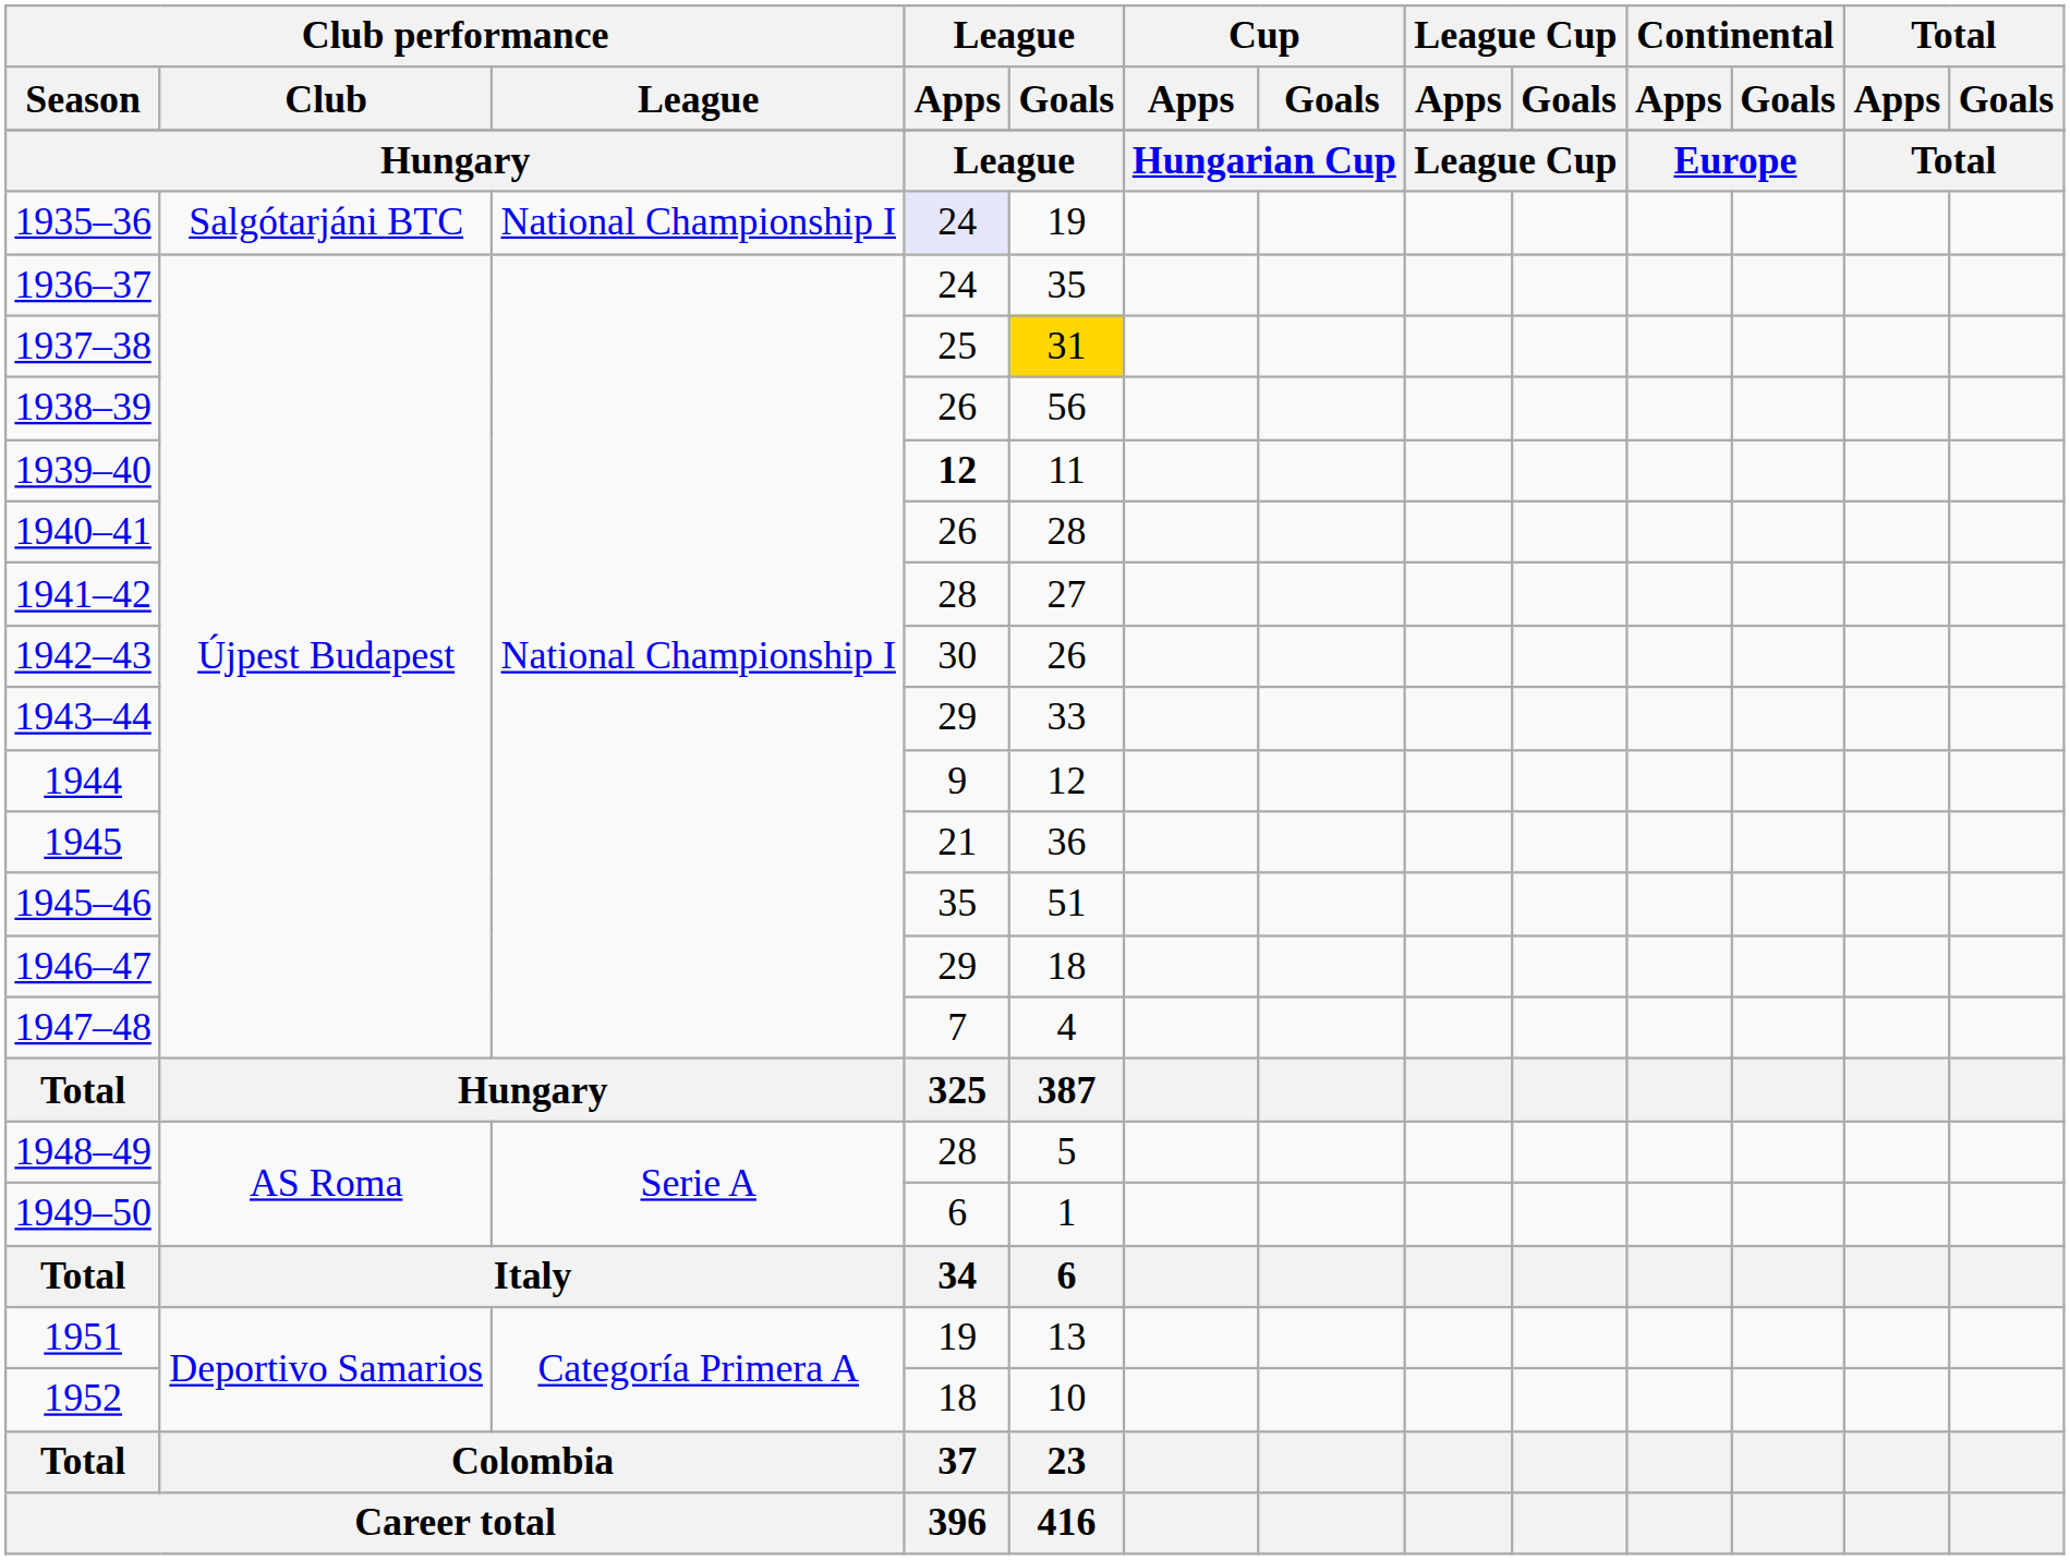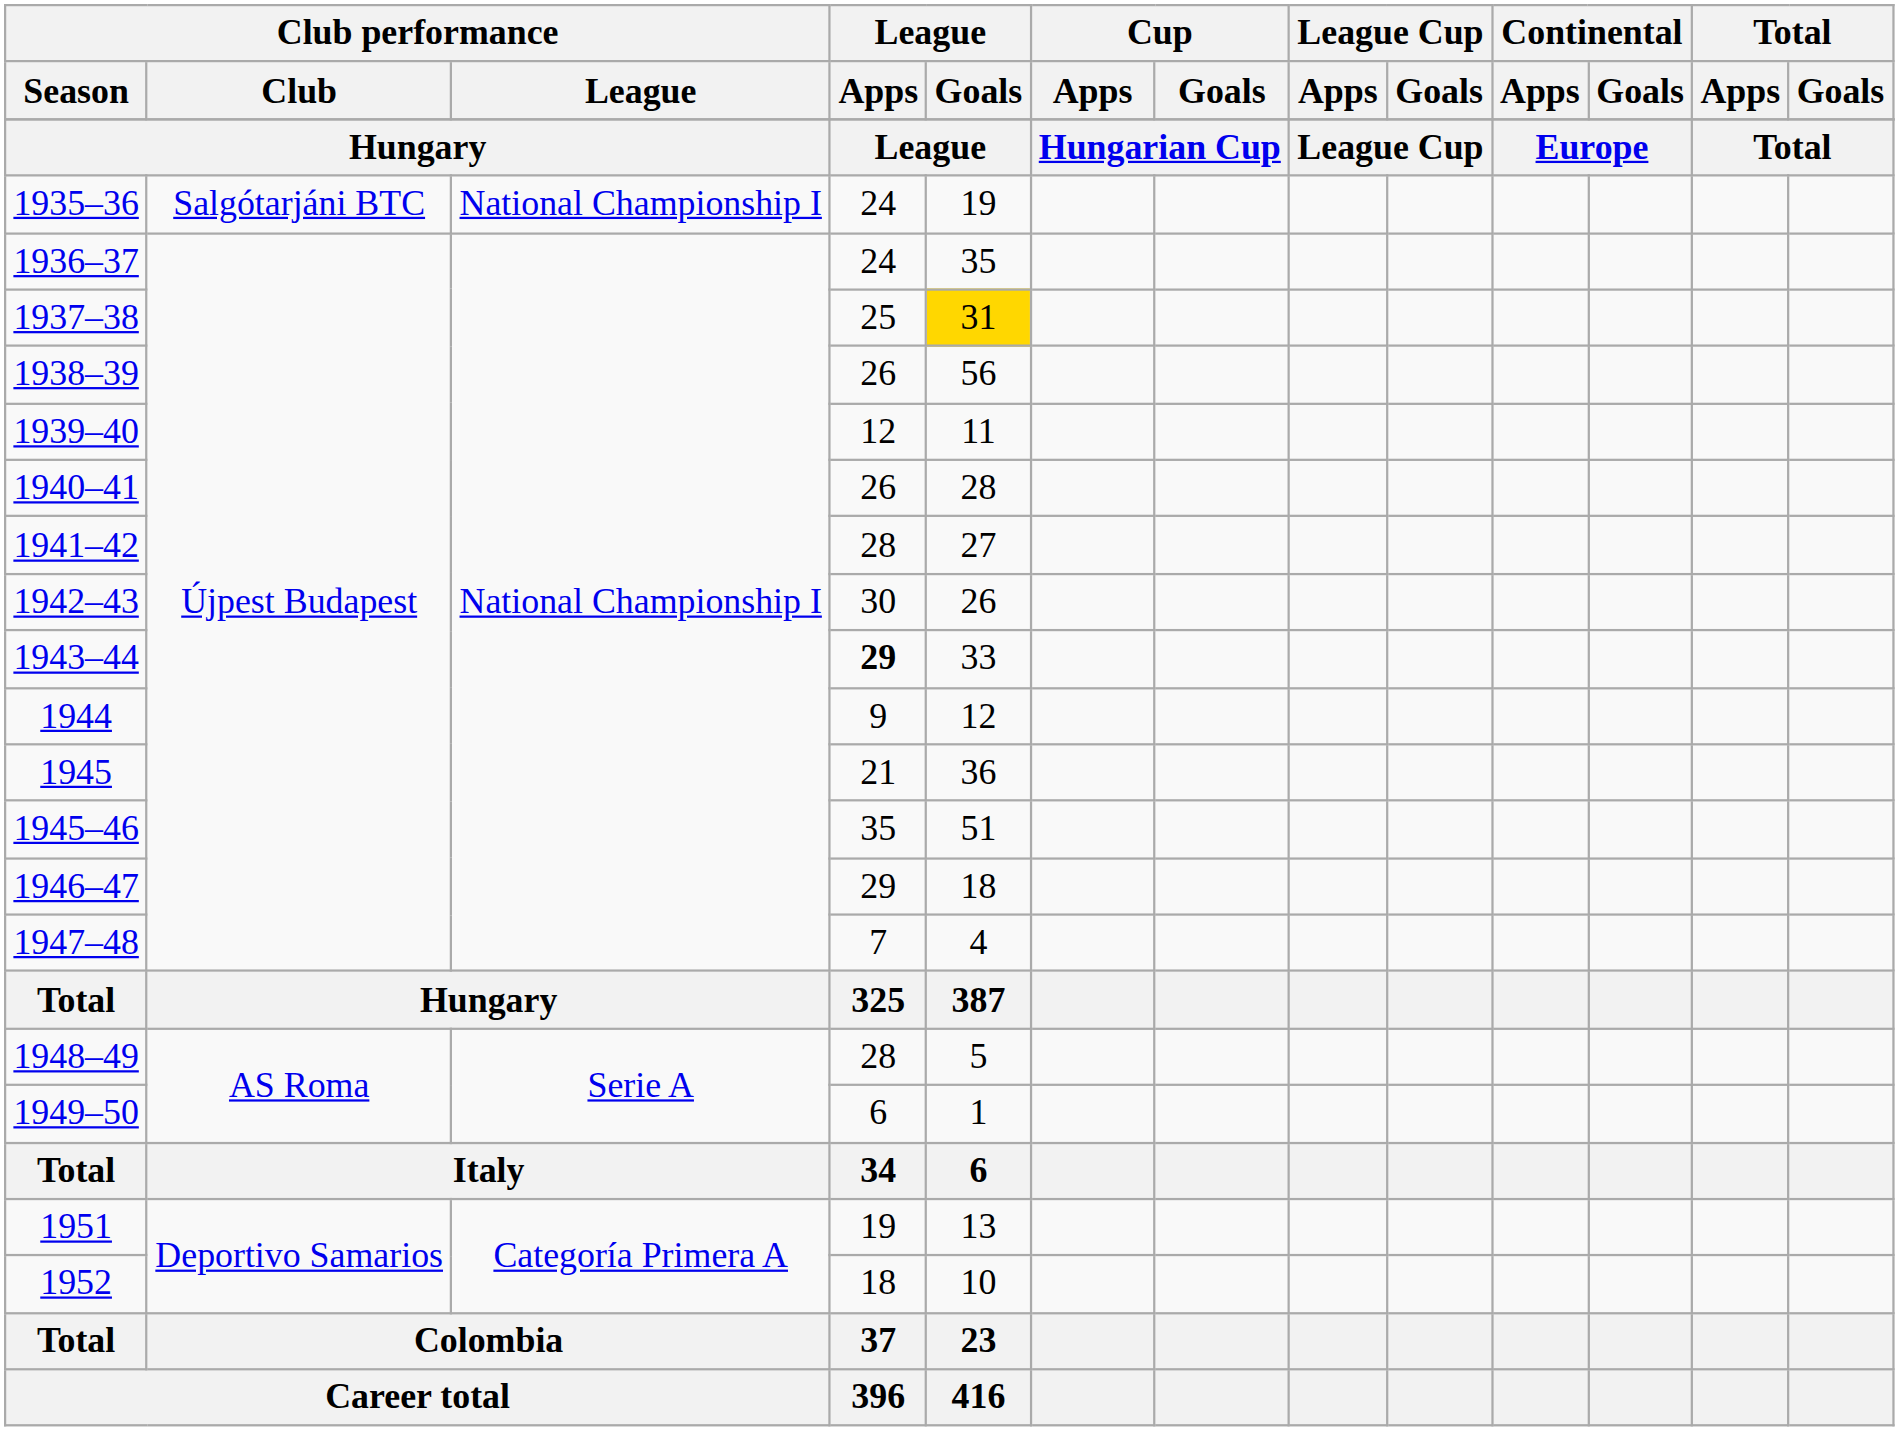 <table class="wikitable" style="text-align:center">
 <tr>
 <th colspan=3>Club performance</th>
 <th colspan=2>League</th>
 <th colspan=2>Cup</th>
 <th colspan=2>League Cup</th>
 <th colspan=2>Continental</th>
 <th colspan=2>Total</th>
 </tr>
 <tr>
 <th>Season</th>
 <th>Club</th>
 <th>League</th>
 <th>Apps</th>
 <th>Goals</th>
 <th>Apps</th>
 <th>Goals</th>
 <th>Apps</th>
 <th>Goals</th>
 <th>Apps</th>
 <th>Goals</th>
 <th>Apps</th>
 <th>Goals</th>
 </tr>
 <tr>
 </tr>
 <tr>
 <th colspan=3>Hungary</th>
 <th colspan=2>League</th>
 <th colspan=2><a href='#'>Hungarian Cup</a></th>
 <th colspan=2>League Cup</th>
 <th colspan=2><a href='#'>Europe</a></th>
 <th colspan=2>Total</th>
 </tr>
 <tr>
 <td><a href='#'>1935–36</a></td>
 <td rowspan="1"><a href='#'>Salgótarjáni BTC</a></td>
 <td rowspan="1"><a href='#'>National Championship I</a></td>
-<td style="background: lavender;">24</td>
+<td>24</td>
 <td>19</td>
 <td></td>
 <td></td>
 <td></td>
 <td></td>
 <td></td>
 <td></td>
 <td></td>
 <td></td>
 </tr>
 <tr>
 <td><a href='#'>1936–37</a></td>
 <td rowspan="13"><a href='#'>Újpest Budapest</a></td>
 <td rowspan="13"><a href='#'>National Championship I</a></td>
 <td>24</td>
 <td>35</td>
 <td></td>
 <td></td>
 <td></td>
 <td></td>
 <td></td>
 <td></td>
 <td></td>
 <td></td>
 </tr>
 <tr>
 <td><a href='#'>1937–38</a></td>
 <td>25</td>
 <td style="background: gold;">31</td>
 <td></td>
 <td></td>
 <td></td>
 <td></td>
 <td></td>
 <td></td>
 <td></td>
 <td></td>
 </tr>
 <tr>
 <td><a href='#'>1938–39</a></td>
 <td>26</td>
 <td>56</td>
 <td></td>
 <td></td>
 <td></td>
 <td></td>
 <td></td>
 <td></td>
 <td></td>
 <td></td>
 </tr>
 <tr>
 <td><a href='#'>1939–40</a></td>
-<td><strong>12</strong></td>
+<td>12</td>
 <td>11</td>
 <td></td>
 <td></td>
 <td></td>
 <td></td>
 <td></td>
 <td></td>
 <td></td>
 <td></td>
 </tr>
 <tr>
 <td><a href='#'>1940–41</a></td>
 <td>26</td>
 <td>28</td>
 <td></td>
 <td></td>
 <td></td>
 <td></td>
 <td></td>
 <td></td>
 <td></td>
 <td></td>
 </tr>
 <tr>
 <td><a href='#'>1941–42</a></td>
 <td>28</td>
 <td>27</td>
 <td></td>
 <td></td>
 <td></td>
 <td></td>
 <td></td>
 <td></td>
 <td></td>
 <td></td>
 </tr>
 <tr>
 <td><a href='#'>1942–43</a></td>
 <td>30</td>
 <td>26</td>
 <td></td>
 <td></td>
 <td></td>
 <td></td>
 <td></td>
 <td></td>
 <td></td>
 <td></td>
 </tr>
 <tr>
 <td><a href='#'>1943–44</a></td>
-<td>29</td>
+<td><strong>29</strong></td>
 <td>33</td>
 <td></td>
 <td></td>
 <td></td>
 <td></td>
 <td></td>
 <td></td>
 <td></td>
 <td></td>
 </tr>
 <tr>
 <td><a href='#'>1944</a></td>
 <td>9</td>
 <td>12</td>
 <td></td>
 <td></td>
 <td></td>
 <td></td>
 <td></td>
 <td></td>
 <td></td>
 <td></td>
 </tr>
 <tr>
 <td><a href='#'>1945</a></td>
 <td>21</td>
 <td>36</td>
 <td></td>
 <td></td>
 <td></td>
 <td></td>
 <td></td>
 <td></td>
 <td></td>
 <td></td>
 </tr>
 <tr>
 <td><a href='#'>1945–46</a></td>
 <td>35</td>
 <td>51</td>
 <td></td>
 <td></td>
 <td></td>
 <td></td>
 <td></td>
 <td></td>
 <td></td>
 <td></td>
 </tr>
 <tr>
 <td><a href='#'>1946–47</a></td>
 <td>29</td>
 <td>18</td>
 <td></td>
 <td></td>
 <td></td>
 <td></td>
 <td></td>
 <td></td>
 <td></td>
 <td></td>
 </tr>
 <tr>
 <td><a href='#'>1947–48</a></td>
 <td>7</td>
 <td>4</td>
 <td></td>
 <td></td>
 <td></td>
 <td></td>
 <td></td>
 <td></td>
 <td></td>
 <td></td>
 </tr>
 <tr>
 <th rowspan=1>Total</th>
 <th colspan=2>Hungary</th>
 <th>325</th>
 <th>387</th>
 <th></th>
 <th></th>
 <th></th>
 <th></th>
 <th></th>
 <th></th>
 <th></th>
 <th></th>
 </tr>
 <tr>
 <td><a href='#'>1948–49</a></td>
 <td rowspan="2"><a href='#'>AS Roma</a></td>
 <td rowspan="2"><a href='#'>Serie A</a></td>
 <td>28</td>
 <td>5</td>
 <td></td>
 <td></td>
 <td></td>
 <td></td>
 <td></td>
 <td></td>
 <td></td>
 <td></td>
 </tr>
 <tr>
 <td><a href='#'>1949–50</a></td>
 <td>6</td>
 <td>1</td>
 <td></td>
 <td></td>
 <td></td>
 <td></td>
 <td></td>
 <td></td>
 <td></td>
 <td></td>
 </tr>
 <tr>
 <th rowspan=1>Total</th>
 <th colspan=2>Italy</th>
 <th>34</th>
 <th>6</th>
 <th></th>
 <th></th>
 <th></th>
 <th></th>
 <th></th>
 <th></th>
 <th></th>
 <th></th>
 </tr>
 <tr>
 <td><a href='#'>1951</a></td>
 <td rowspan="2"><a href='#'>Deportivo Samarios</a></td>
 <td rowspan="2"><a href='#'>Categoría Primera A</a></td>
 <td>19</td>
 <td>13</td>
 <td></td>
 <td></td>
 <td></td>
 <td></td>
 <td></td>
 <td></td>
 <td></td>
 <td></td>
 </tr>
 <tr>
 <td><a href='#'>1952</a></td>
 <td>18</td>
 <td>10</td>
 <td></td>
 <td></td>
 <td></td>
 <td></td>
 <td></td>
 <td></td>
 <td></td>
 <td></td>
 </tr>
 <tr>
 <th rowspan=1>Total</th>
 <th colspan=2>Colombia</th>
 <th>37</th>
 <th>23</th>
 <th></th>
 <th></th>
 <th></th>
 <th></th>
 <th></th>
 <th></th>
 <th></th>
 <th></th>
 </tr>
 <tr>
 <th colspan=3>Career total</th>
 <th>396</th>
 <th>416</th>
 <th></th>
 <th></th>
 <th></th>
 <th></th>
 <th></th>
 <th></th>
 <th></th>
 <th></th>
 </tr>
 </table>
